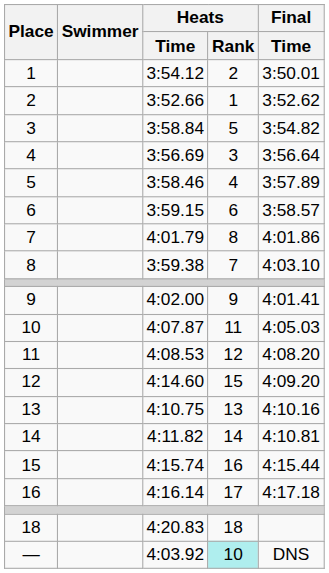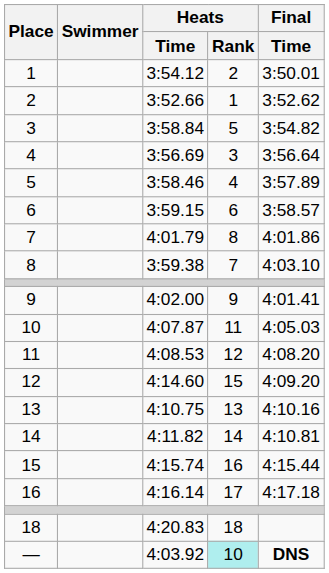 <table class="wikitable" style="text-align:center;">
 <tr>
 <th rowspan="2">Place</th>
 <th rowspan="2">Swimmer</th>
 <th colspan="2">Heats</th>
 <th>Final</th>
 </tr>
 <tr>
 <th>Time</th>
 <th>Rank</th>
 <th>Time</th>
 </tr>
 <tr>
 <td>1</td>
 <td align=left></td>
 <td>3:54.12</td>
 <td>2</td>
 <td>3:50.01 </td>
 </tr>
 <tr>
 <td>2</td>
 <td align=left></td>
 <td>3:52.66</td>
 <td>1</td>
 <td>3:52.62</td>
 </tr>
 <tr>
 <td>3</td>
 <td align=left></td>
 <td>3:58.84</td>
 <td>5</td>
 <td>3:54.82</td>
 </tr>
 <tr>
 <td>4</td>
 <td align=left></td>
 <td>3:56.69</td>
 <td>3</td>
 <td>3:56.64</td>
 </tr>
 <tr>
 <td>5</td>
 <td align=left></td>
 <td>3:58.46</td>
 <td>4</td>
 <td>3:57.89</td>
 </tr>
 <tr>
 <td>6</td>
 <td align=left></td>
 <td>3:59.15</td>
 <td>6</td>
 <td>3:58.57</td>
 </tr>
 <tr>
 <td>7</td>
 <td align=left></td>
 <td>4:01.79</td>
 <td>8</td>
 <td>4:01.86</td>
 </tr>
 <tr>
 <td>8</td>
 <td align=left></td>
 <td>3:59.38</td>
 <td>7</td>
 <td>4:03.10</td>
 </tr>
 <tr>
 <td colspan=5 bgcolor=lightgray></td>
 </tr>
 <tr>
 <td>9</td>
 <td align=left></td>
 <td>4:02.00</td>
 <td>9</td>
 <td>4:01.41</td>
 </tr>
 <tr>
 <td>10</td>
 <td align=left></td>
 <td>4:07.87</td>
 <td>11</td>
 <td>4:05.03</td>
 </tr>
 <tr>
 <td>11</td>
 <td align=left></td>
 <td>4:08.53</td>
 <td>12</td>
 <td>4:08.20</td>
 </tr>
 <tr>
 <td>12</td>
 <td align=left></td>
 <td>4:14.60</td>
 <td>15</td>
 <td>4:09.20</td>
 </tr>
 <tr>
 <td>13</td>
 <td align=left></td>
 <td>4:10.75</td>
 <td>13</td>
 <td>4:10.16</td>
 </tr>
 <tr>
 <td>14</td>
 <td align=left></td>
 <td>4:11.82</td>
 <td>14</td>
 <td>4:10.81</td>
 </tr>
 <tr>
 <td>15</td>
 <td align=left></td>
 <td>4:15.74</td>
 <td>16</td>
 <td>4:15.44</td>
 </tr>
 <tr>
 <td>16</td>
 <td align=left></td>
 <td>4:16.14</td>
 <td>17</td>
 <td>4:17.18</td>
 </tr>
 <tr>
 <td colspan=5 bgcolor=lightgray></td>
 </tr>
 <tr>
 <td>18</td>
 <td align=left></td>
 <td>4:20.83</td>
 <td>18</td>
 </tr>
 <tr>
 <td>—</td>
 <td align=left></td>
 <td>4:03.92</td>
 <td style="background: paleturquoise;">10</td>
-<td>DNS</td>
+<td><strong>DNS</strong></td>
 </tr>
 </table>
